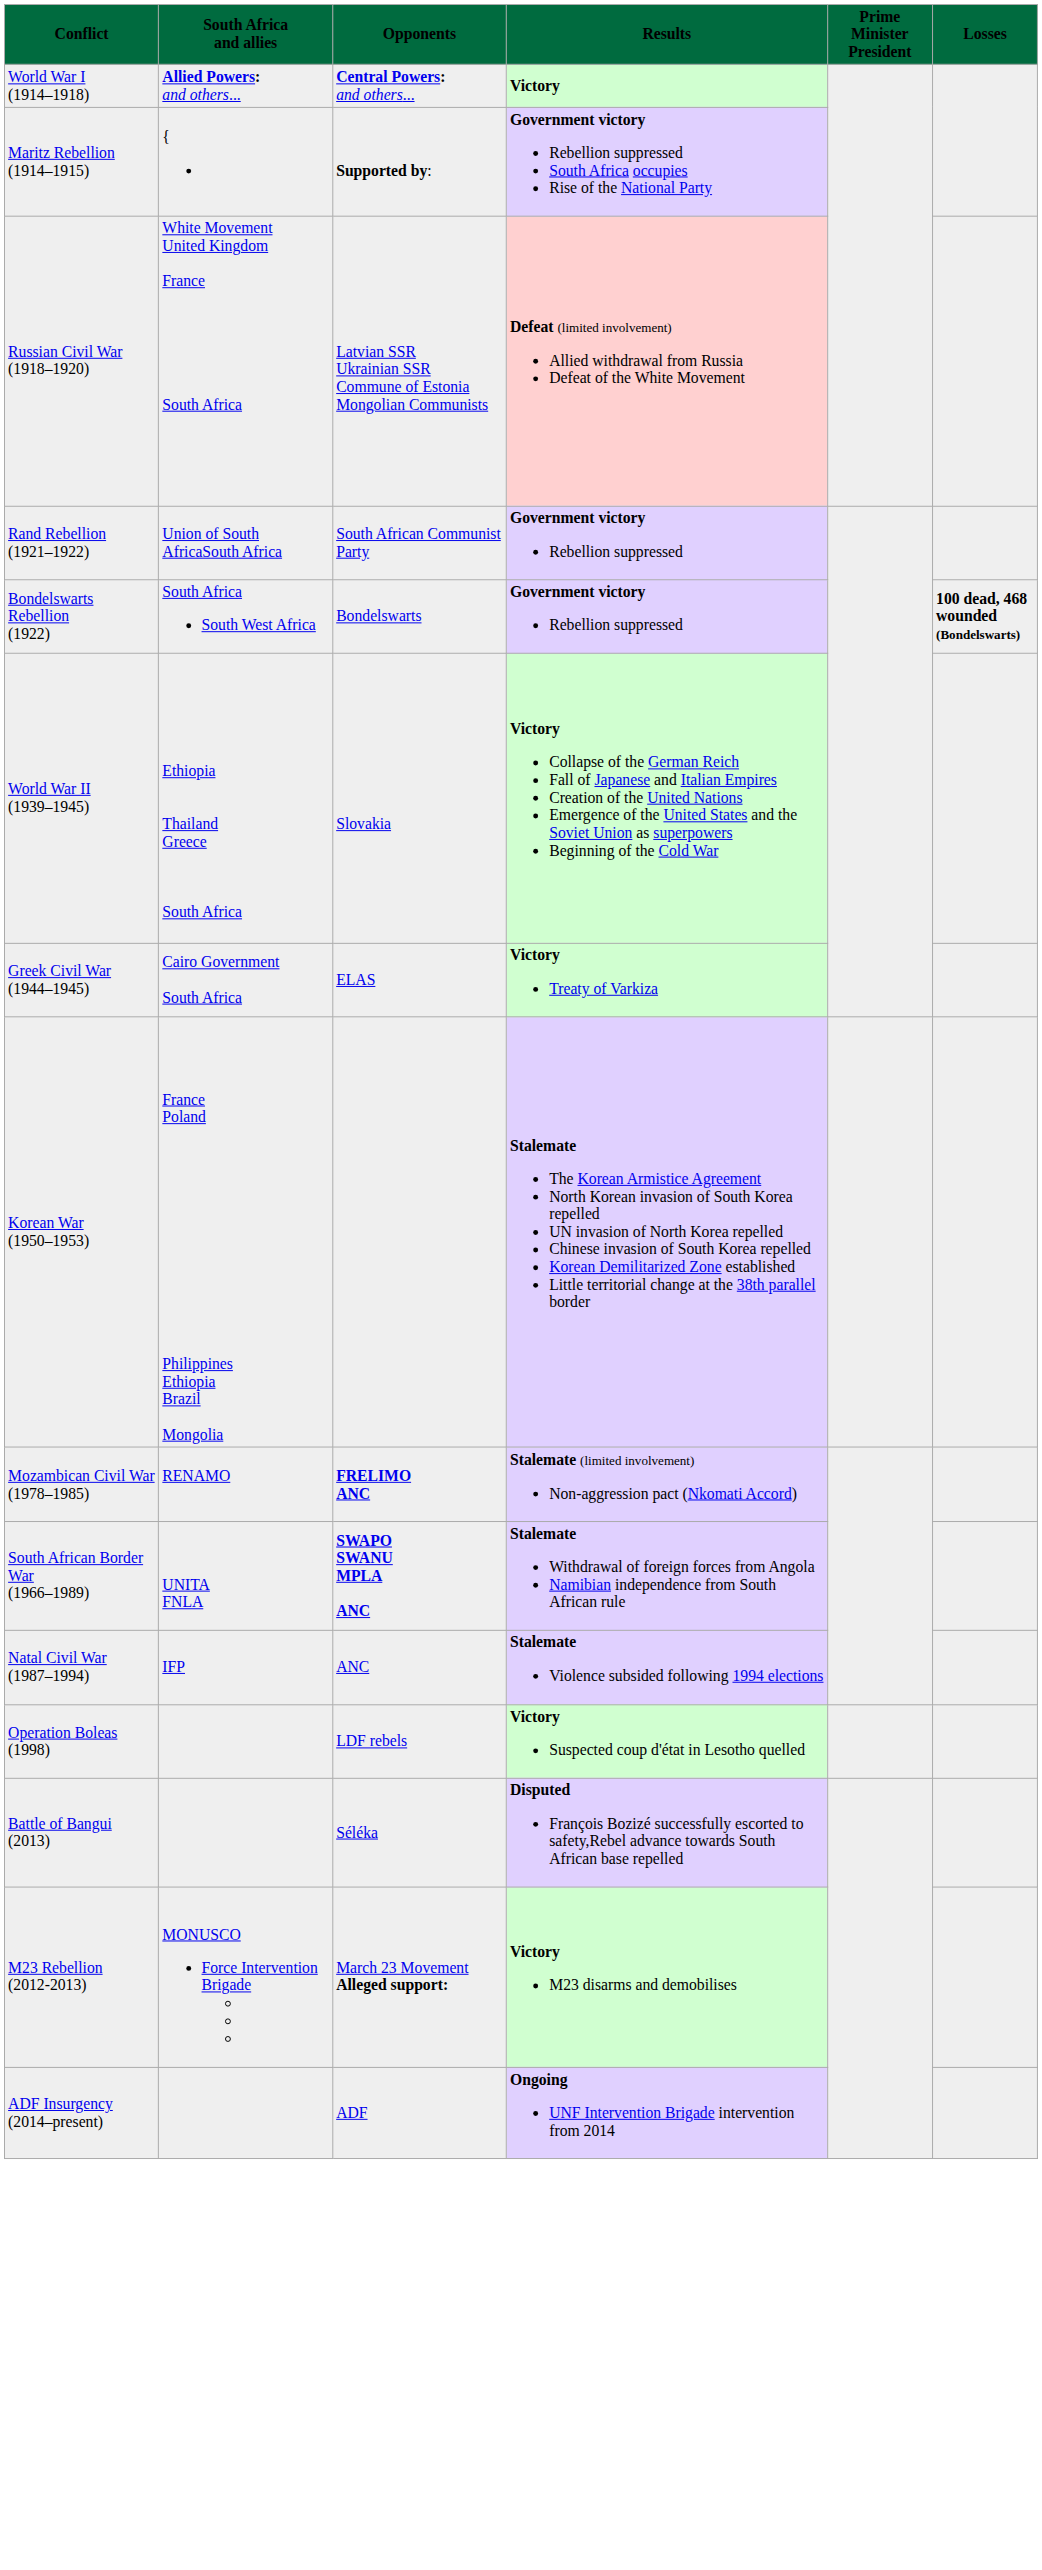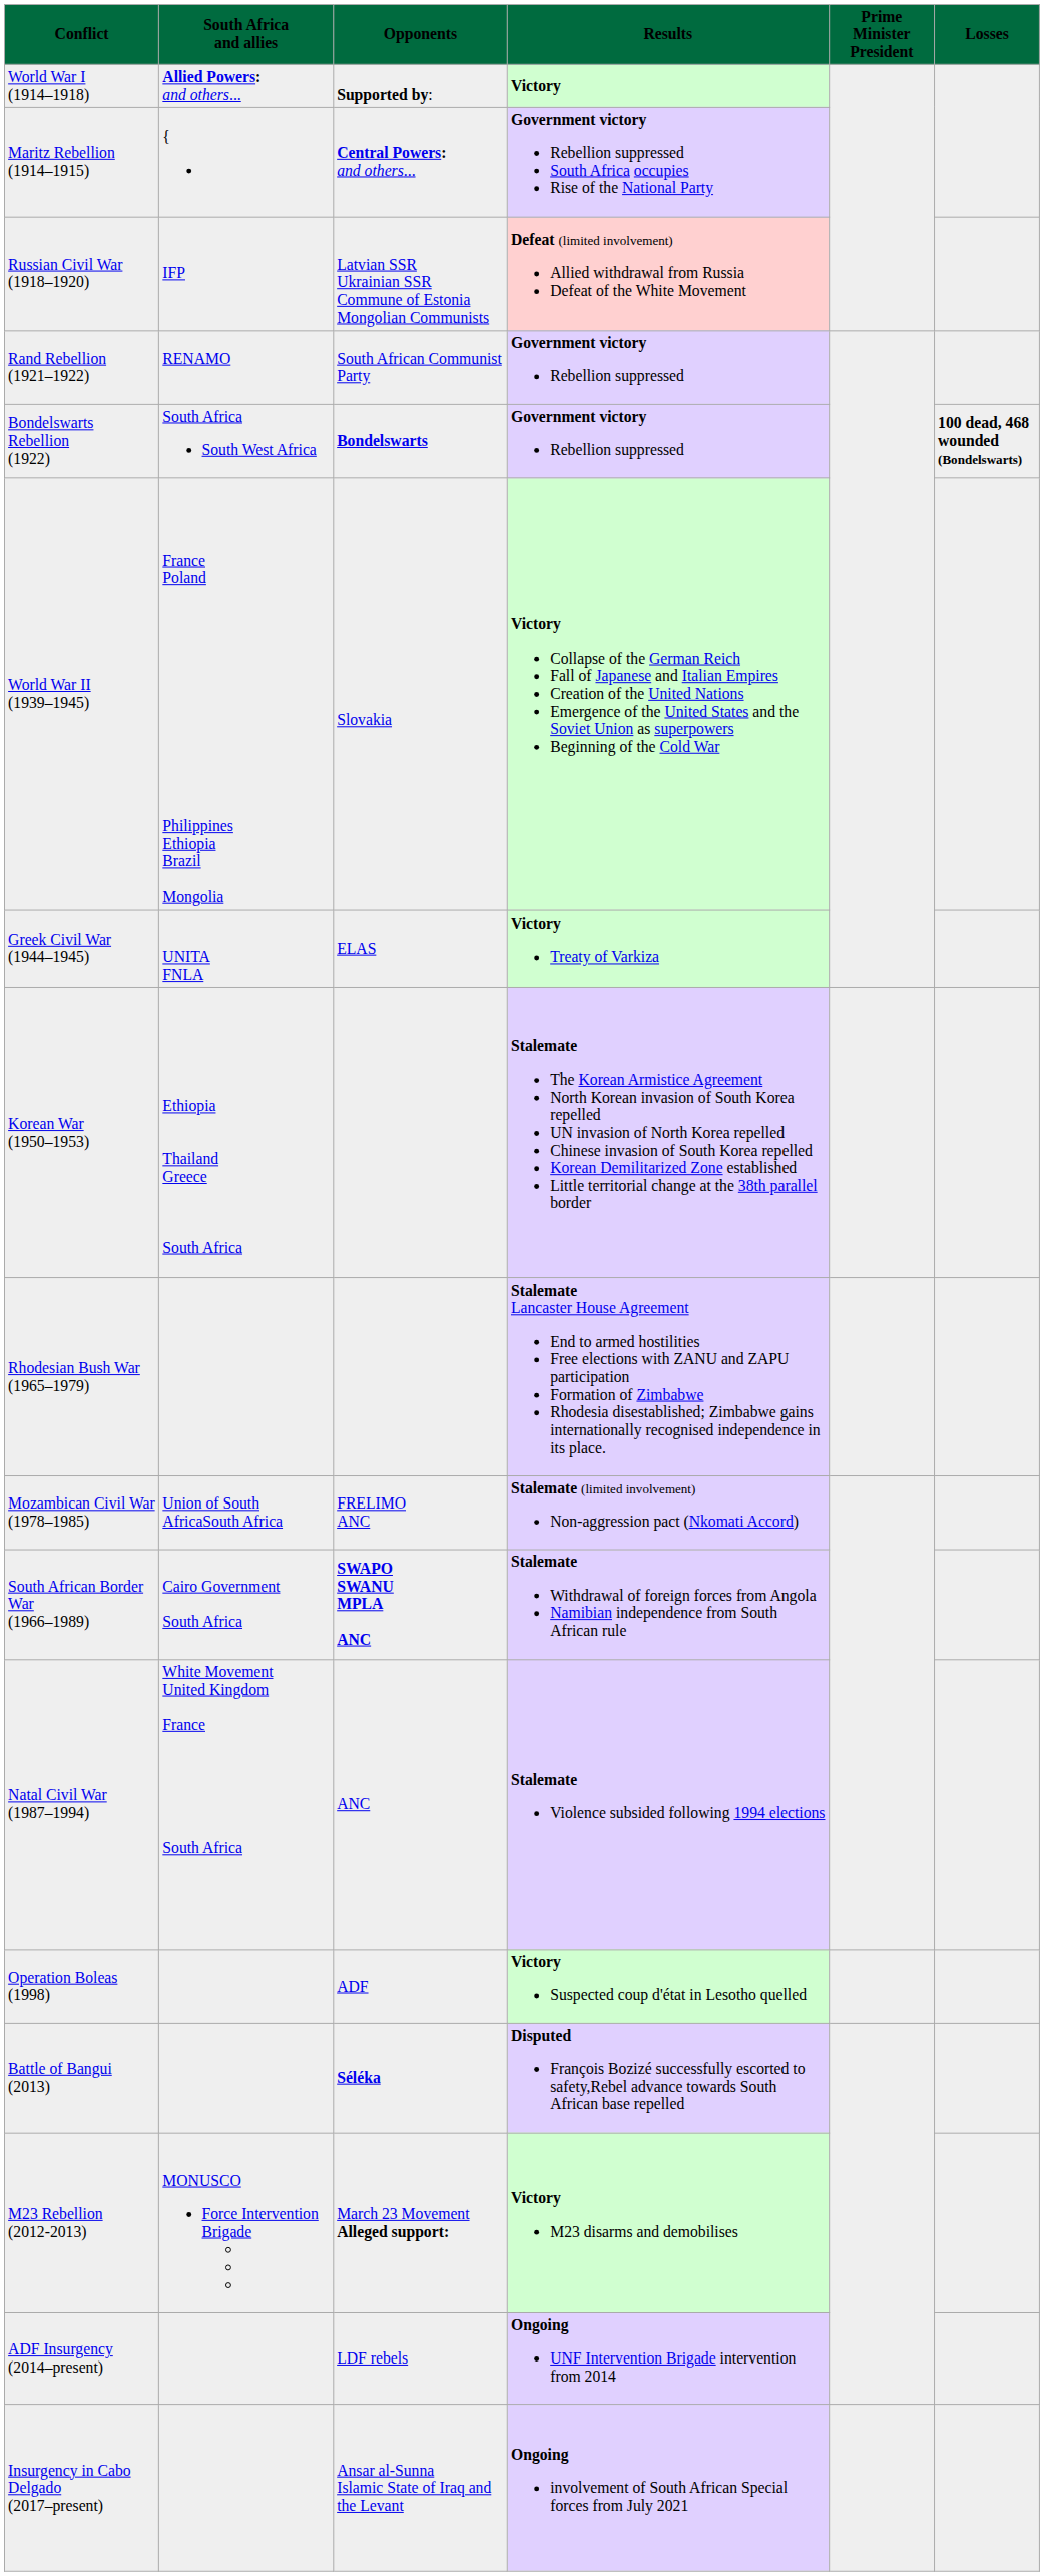 <table class="wikitable">
 <tr>
 <th style="background:#006B3F" rowspan="1" width=150px><span>Conflict</span></th>
 <th style="background:#006B3F" rowspan="1" width=170px><span>South Africa <br> and allies</span></th>
 <th style="background:#006B3F" rowspan="1" width=170px><span>Opponents</span></th>
 <th style="background:#006B3F" rowspan="1" width=320px><span>Results</span></th>
 <th style="background:#006B3F" rowspan="1" width=100px><span>Prime Minister <br>President </span></th>
 <th style="background:#006B3F" rowspan="1" width=100px><span>Losses</span></th>
 </tr>
 <tr>
 <td style="background:#efefef"><a href='#'>World War I</a><br>(1914–1918)</td>
 <td style="background:#efefef"><strong><a href='#'>Allied Powers</a>:</strong><br>  <a href='#'><em>and others</em>...</a></td>
-<td style="background:#efefef"><strong><a href='#'>Central Powers</a>:</strong><br><a href='#'><em>and others</em>...</a></td>
+<td style="background:#efefef"><br><strong>Supported by</strong>:<br></td>
 <td style="background:#D0FFD0"><strong>Victory</strong><br></td>
 <td rowspan="3" style="background:#efefef"></td>
 <td rowspan="2" style="background:#efefef"></td>
 </tr>
 <tr>
 <td style="background:#efefef"><a href='#'>Maritz Rebellion</a><br>(1914–1915)</td>
 <td style="background:#efefef">{<br><ul><li></li></ul></td>
-<td style="background:#efefef"><br><strong>Supported by</strong>:<br></td>
+<td style="background:#efefef"><strong><a href='#'>Central Powers</a>:</strong><br><a href='#'><em>and others</em>...</a></td>
 <td style="background:#E0D0FF"><strong>Government victory</strong><br><ul><li>Rebellion suppressed</li><li><a href='#'>South Africa</a> <a href='#'>occupies</a> </li><li>Rise of the <a href='#'>National Party</a></li></ul></td>
 </tr>
 <tr>
 <td style="background:#efefef"><a href='#'>Russian Civil War</a><br>(1918–1920)</td>
-<td style="background:#efefef"> <a href='#'>White Movement</a><br> <a href='#'>United Kingdom</a><br><br> <a href='#'>France</a><br><br><br><br><br><br><br> <a href='#'>South Africa</a><br><br><br><br><br><br></td>
+<td style="background:#efefef"> <a href='#'>IFP</a></td>
 <td style="background:#efefef"><br><br> <a href='#'>Latvian SSR</a><br> <a href='#'>Ukrainian SSR</a><br> <a href='#'>Commune of Estonia</a><br> <a href='#'>Mongolian Communists</a></td>
 <td style="background:#FFD0D0"><strong>Defeat</strong> <small>(limited involvement)</small><br><ul><li>Allied withdrawal from Russia</li><li>Defeat of the White Movement</li></ul></td>
 <td style="background:#efefef"></td>
 </tr>
 <tr>
 <td style="background:#efefef"><a href='#'>Rand Rebellion</a><br>(1921–1922)</td>
-<td style="background:#efefef"> <a href='#'>Union of South AfricaSouth Africa</a></td>
+<td style="background:#efefef"> <a href='#'>RENAMO</a><br><br></td>
 <td style="background:#efefef"> <a href='#'>South African Communist Party</a></td>
 <td style="background:#E0D0FF"><strong>Government victory</strong><br><ul><li>Rebellion suppressed</li></ul></td>
 <td rowspan="4" style="background:#efefef"></td>
 <td style="background:#efefef"></td>
 </tr>
 <tr>
 <td style="background:#efefef"><a href='#'>Bondelswarts Rebellion</a><br>(1922)</td>
 <td style="background:#efefef"> <a href='#'>South Africa</a><br><ul><li><a href='#'>South West Africa</a></li></ul></td>
-<td style="background:#efefef"><a href='#'>Bondelswarts</a></td>
+<td style="background:#efefef"><strong><a href='#'>Bondelswarts</a></strong></td>
 <td style="background:#E0D0FF"><strong>Government victory</strong><br><ul><li>Rebellion suppressed</li></ul></td>
 <td style="background:#efefef"><strong>100 dead, 468 wounded <small>(Bondelswarts)</small></strong></td>
 </tr>
 <tr>
 <td style="background:#efefef"><a href='#'>World War II</a><br>(1939–1945)</td>
-<td style="background:#efefef"><br><br><br><br><br><br> <a href='#'>Ethiopia</a><br><br><br> <a href='#'>Thailand</a><br> <a href='#'>Greece</a><br><br><br><br> <a href='#'>South Africa</a><br><br></td>
+<td style="background:#efefef"><br><br><br><br> <a href='#'>France</a><br> <a href='#'>Poland</a><br><br><br><br><br><br><br><br><br><br><br><br><br><br> <a href='#'>Philippines</a><br> <a href='#'>Ethiopia</a><br> <a href='#'>Brazil</a><br><br> <a href='#'>Mongolia</a></td>
 <td style="background:#efefef"><br><br><br><br><br><br> <a href='#'>Slovakia</a><br><br><br><br></td>
 <td style="background:#D0FFD0"><strong>Victory</strong><br><ul><li>Collapse of the <a href='#'>German Reich</a></li><li>Fall of <a href='#'>Japanese</a> and <a href='#'>Italian Empires</a></li><li>Creation of the <a href='#'>United Nations</a></li><li>Emergence of the <a href='#'>United States</a> and the <a href='#'>Soviet Union</a> as <a href='#'>superpowers</a></li><li>Beginning of the <a href='#'>Cold War</a></li></ul></td>
 <td style="background:#efefef"></td>
 </tr>
 <tr>
 <td style="background:#efefef"><a href='#'>Greek Civil War</a><br>(1944–1945)</td>
-<td style="background:#efefef"> <a href='#'>Cairo Government</a><br><br> <a href='#'>South Africa</a></td>
+<td style="background:#efefef"><br><br> <a href='#'>UNITA</a><br> <a href='#'>FNLA</a></td>
 <td style="background:#efefef"> <a href='#'>ELAS</a></td>
 <td style="background:#D0FFD0"><strong>Victory</strong><br><ul><li><a href='#'>Treaty of Varkiza</a></li></ul></td>
 <td style="background:#efefef"></td>
 </tr>
 <tr>
 <td style="background:#efefef"><a href='#'>Korean War</a><br>(1950–1953)</td>
-<td style="background:#efefef"><br><br><br><br> <a href='#'>France</a><br> <a href='#'>Poland</a><br><br><br><br><br><br><br><br><br><br><br><br><br><br> <a href='#'>Philippines</a><br> <a href='#'>Ethiopia</a><br> <a href='#'>Brazil</a><br><br> <a href='#'>Mongolia</a></td>
+<td style="background:#efefef"><br><br><br><br><br><br> <a href='#'>Ethiopia</a><br><br><br> <a href='#'>Thailand</a><br> <a href='#'>Greece</a><br><br><br><br> <a href='#'>South Africa</a><br><br></td>
 <td style="background:#efefef"><br><br></td>
 <td style="background:#E0D0FF"><strong>Stalemate</strong><br><ul><li>The <a href='#'>Korean Armistice Agreement</a></li><li>North Korean invasion of South Korea repelled</li><li>UN invasion of North Korea repelled</li><li>Chinese invasion of South Korea repelled</li><li><a href='#'>Korean Demilitarized Zone</a> established</li><li>Little territorial change at the <a href='#'>38th parallel</a> border</li></ul></td>
 <td style="background:#efefef"></td>
 <td style="background:#efefef"></td>
 </tr>
 <tr>
+<td style="background:#efefef"><a href='#'>Rhodesian Bush War</a><br>(1965–1979)</td>
+<td style="background:#efefef"></td>
+<td style="background:#efefef"></td>
+<td style="background:#E0D0FF"><strong>Stalemate</strong><br><a href='#'>Lancaster House Agreement</a><ul><li>End to armed hostilities</li><li>Free elections with ZANU and ZAPU participation</li><li>Formation of <a href='#'>Zimbabwe</a></li><li>Rhodesia disestablished; Zimbabwe gains internationally recognised independence in its place.</li></ul></td>
+<td style="background:#efefef"></td>
+<td style="background:#efefef"></td>
+</tr>
+<tr>
 <td style="background:#efefef"><a href='#'>Mozambican Civil War</a><br>(1978–1985)</td>
-<td style="background:#efefef"> <a href='#'>RENAMO</a><br><br></td>
-<td style="background:#efefef"><strong> <a href='#'>FRELIMO</a><br> <a href='#'>ANC</a></strong></td>
+<td style="background:#efefef"> <a href='#'>Union of South AfricaSouth Africa</a></td>
+<td style="background:#efefef"> <a href='#'>FRELIMO</a><br> <a href='#'>ANC</a></td>
 <td style="background:#E0D0FF"><strong>Stalemate</strong> <small>(limited involvement)</small><br><ul><li>Non-aggression pact (<a href='#'>Nkomati Accord</a>)</li></ul></td>
 <td style="background:#efefef" rowspan=3></td>
 <td style="background:#efefef"></td>
 </tr>
 <tr>
 <td style="background:#efefef"><a href='#'>South African Border War</a><br>(1966–1989)</td>
-<td style="background:#efefef"><br><br> <a href='#'>UNITA</a><br> <a href='#'>FNLA</a></td>
+<td style="background:#efefef"> <a href='#'>Cairo Government</a><br><br> <a href='#'>South Africa</a></td>
 <td style="background:#efefef"><strong> <a href='#'>SWAPO</a><br> <a href='#'>SWANU</a> <br>  <a href='#'>MPLA</a><br><br> <a href='#'>ANC</a><br></strong></td>
 <td style="background:#E0D0FF"><strong>Stalemate</strong><br><ul><li>Withdrawal of foreign forces from Angola</li><li><a href='#'>Namibian</a> independence from South African rule</li></ul></td>
 <td style="background:#efefef"></td>
 </tr>
 <tr>
 <td style="background:#efefef"><a href='#'>Natal Civil War</a><br>(1987–1994)</td>
-<td style="background:#efefef"> <a href='#'>IFP</a></td>
+<td style="background:#efefef"> <a href='#'>White Movement</a><br> <a href='#'>United Kingdom</a><br><br> <a href='#'>France</a><br><br><br><br><br><br><br> <a href='#'>South Africa</a><br><br><br><br><br><br></td>
 <td style="background:#efefef"> <a href='#'>ANC</a></td>
 <td style="background:#E0D0FF"><strong>Stalemate</strong><br><ul><li>Violence subsided following <a href='#'>1994 elections</a></li></ul></td>
 <td style="background:#efefef"></td>
 </tr>
 <tr>
 <td style="background:#efefef"><a href='#'>Operation Boleas</a><br>(1998)</td>
 <td style="background:#efefef"><br></td>
-<td style="background:#efefef"> <a href='#'>LDF rebels</a></td>
+<td style="background:#efefef"> <a href='#'>ADF</a></td>
 <td style="background:#D0FFD0"><strong>Victory</strong><br><ul><li>Suspected coup d'état in Lesotho quelled</li></ul></td>
 <td style="background:#efefef"></td>
 <td style="background:#efefef"></td>
 </tr>
 <tr>
 <td style="background:#efefef"><a href='#'>Battle of Bangui</a><br>(2013)</td>
 <td style="background:#efefef"><br></td>
-<td style="background:#efefef"> <a href='#'>Séléka</a></td>
+<td style="background:#efefef"><strong> <a href='#'>Séléka</a></strong></td>
 <td style="background:#E0D0FF"><strong>Disputed</strong><br><ul><li>François Bozizé successfully escorted to safety,Rebel advance towards South African base repelled</li></ul></td>
 <td style="background:#efefef" rowspan=3></td>
 <td style="background:#efefef"></td>
 </tr>
 <tr>
 <td style="background:#efefef"><a href='#'>M23 Rebellion</a><br>(2012-2013)</td>
 <td style="background:#efefef"><br><br> <a href='#'>MONUSCO</a><ul><li> <a href='#'>Force Intervention Brigade</a><ul><li></li><li></li><li></li></ul></li></ul></td>
 <td style="background:#efefef"> <a href='#'>March 23 Movement</a><br><strong>Alleged support:</strong><br></td>
 <td style="background:#D0FFD0"><strong>Victory</strong><br><ul><li>M23 disarms and demobilises</li></ul></td>
 <td style="background:#efefef"></td>
 </tr>
 <tr>
 <td style="background:#efefef"><a href='#'>ADF Insurgency</a><br>(2014–present)</td>
 <td style="background:#efefef"><br><br><br><br></td>
-<td style="background:#efefef"> <a href='#'>ADF</a></td>
+<td style="background:#efefef"> <a href='#'>LDF rebels</a></td>
 <td style="background:#E0D0FF"><strong>Ongoing</strong><br><ul><li><a href='#'>UNF Intervention Brigade</a> intervention from 2014</li></ul></td>
 <td style="background:#efefef"></td>
 </tr>
+<tr>
+<td style="background:#efefef"><a href='#'>Insurgency in Cabo Delgado</a><br>(2017–present)</td>
+<td style="background:#efefef"><br><br><br><br><br><br><br><br><br></td>
+<td style="background:#efefef"> <a href='#'>Ansar al-Sunna</a><br> <a href='#'>Islamic State of Iraq and the Levant</a></td>
+<td style="background:#E0D0FF"><strong>Ongoing</strong><br><ul><li>involvement of South African Special forces from July 2021</li></ul></td>
+<td style="background:#efefef"></td>
+<td style="background:#efefef"></td>
+</tr>
 </table>
